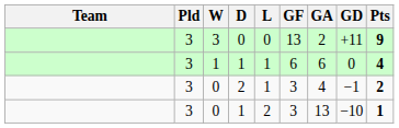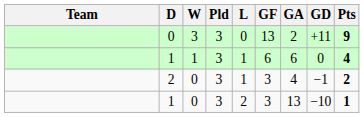 <table class="wikitable" style="text-align: center;">
 <tr>
 <th width=175>Team</th>
+<th width=20>D</th>
+<th width=20>W</th>
 <th width=20>Pld</th>
-<th width=20>W</th>
-<th width=20>D</th>
 <th width=20>L</th>
 <th width=20>GF</th>
 <th width=20>GA</th>
 <th width=20>GD</th>
 <th width=20>Pts</th>
 </tr>
 <tr bgcolor=#ccffcc>
 <td style="text-align:left;"></td>
+<td>0</td>
 <td>3</td>
 <td>3</td>
-<td>0</td>
 <td>0</td>
 <td>13</td>
 <td>2</td>
 <td>+11</td>
 <td><strong>9</strong></td>
 </tr>
 <tr bgcolor=#ccffcc>
 <td style="text-align:left;"></td>
-<td>3</td>
 <td>1</td>
 <td>1</td>
+<td>3</td>
 <td>1</td>
 <td>6</td>
 <td>6</td>
 <td>0</td>
 <td><strong>4</strong></td>
 </tr>
 <tr>
 <td style="text-align:left;"></td>
+<td>2</td>
+<td>0</td>
 <td>3</td>
-<td>0</td>
-<td>2</td>
 <td>1</td>
 <td>3</td>
 <td>4</td>
 <td>−1</td>
 <td><strong>2</strong></td>
 </tr>
 <tr>
 <td style="text-align:left;"></td>
+<td>1</td>
+<td>0</td>
 <td>3</td>
-<td>0</td>
-<td>1</td>
 <td>2</td>
 <td>3</td>
 <td>13</td>
 <td>−10</td>
 <td><strong>1</strong></td>
 </tr>
 </table>
